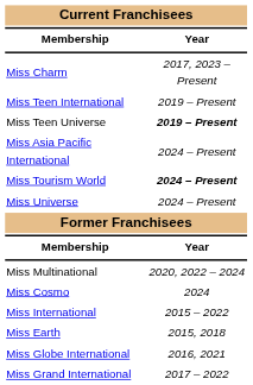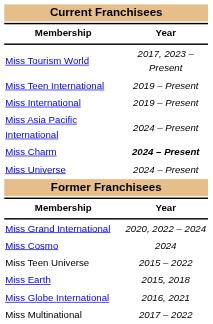 <table class="toccolours" style="width: 20em; float:right; font-size:85%; line-height:1.5em; width:23%;">
 <tr>
 <th colspan="2" align="center" style="background:#E6BE8A;"><big>Current Franchisees</big></th>
 </tr>
 <tr>
 <td colspan="2" style="background:black"></td>
 </tr>
 <tr>
 <th scope="col">Membership</th>
 <th scope="col">Year</th>
 </tr>
 <tr>
 <td colspan="2" style="background:black"></td>
 </tr>
 <tr>
-<td align="left"><a href='#'>Miss Charm</a></td>
+<td align="left"><a href='#'>Miss Tourism World</a></td>
 <td align="center"><em>2017, 2023 – Present</em></td>
 </tr>
 <tr>
 <td align="left"><a href='#'>Miss Teen International</a></td>
 <td align="center"><em>2019 – Present</em></td>
 </tr>
 <tr>
-<td align="left">Miss Teen Universe</td>
-<td align="center"><strong><em>2019 – Present</em></strong></td>
+<td align="left"><a href='#'>Miss International</a></td>
+<td align="center"><em>2019 – Present</em></td>
 </tr>
 <tr>
 <td align="left"><a href='#'>Miss Asia Pacific International</a></td>
 <td align="center"><em>2024 – Present</em></td>
 </tr>
 <tr>
-<td align="left"><a href='#'>Miss Tourism World</a></td>
+<td align="left"><a href='#'>Miss Charm</a></td>
 <td align="center"><strong><em>2024 – Present</em></strong></td>
 </tr>
 <tr>
 <td align="left"><a href='#'>Miss Universe</a></td>
 <td align="center"><em>2024 – Present</em></td>
 </tr>
 <tr>
 <th colspan="2" align="center" style="background:#E6BE8A;"><big>Former Franchisees</big></th>
 </tr>
 <tr>
 <td colspan="2" style="background:black"></td>
 </tr>
 <tr>
 <th scope="col">Membership</th>
 <th scope="col">Year</th>
 </tr>
 <tr>
 <td colspan="2" style="background:black"></td>
 </tr>
 <tr>
-<td align="left">Miss Multinational</td>
+<td align="left"><a href='#'>Miss Grand International</a></td>
 <td align="center"><em>2020, 2022 – 2024</em></td>
 </tr>
 <tr>
 <td align="left"><a href='#'>Miss Cosmo</a></td>
 <td align="center"><em>2024</em></td>
 </tr>
 <tr>
-<td align="left"><a href='#'>Miss International</a></td>
+<td align="left">Miss Teen Universe</td>
 <td align="center"><em>2015 – 2022</em></td>
 </tr>
 <tr>
 <td align="left"><a href='#'>Miss Earth</a></td>
 <td align="center"><em>2015, 2018</em></td>
 </tr>
 <tr>
 <td align="left"><a href='#'>Miss Globe International</a></td>
 <td align="center"><em>2016, 2021</em></td>
 </tr>
 <tr>
-<td align="left"><a href='#'>Miss Grand International</a></td>
+<td align="left">Miss Multinational</td>
 <td align="center"><em>2017 – 2022</em></td>
 </tr>
 </table>
